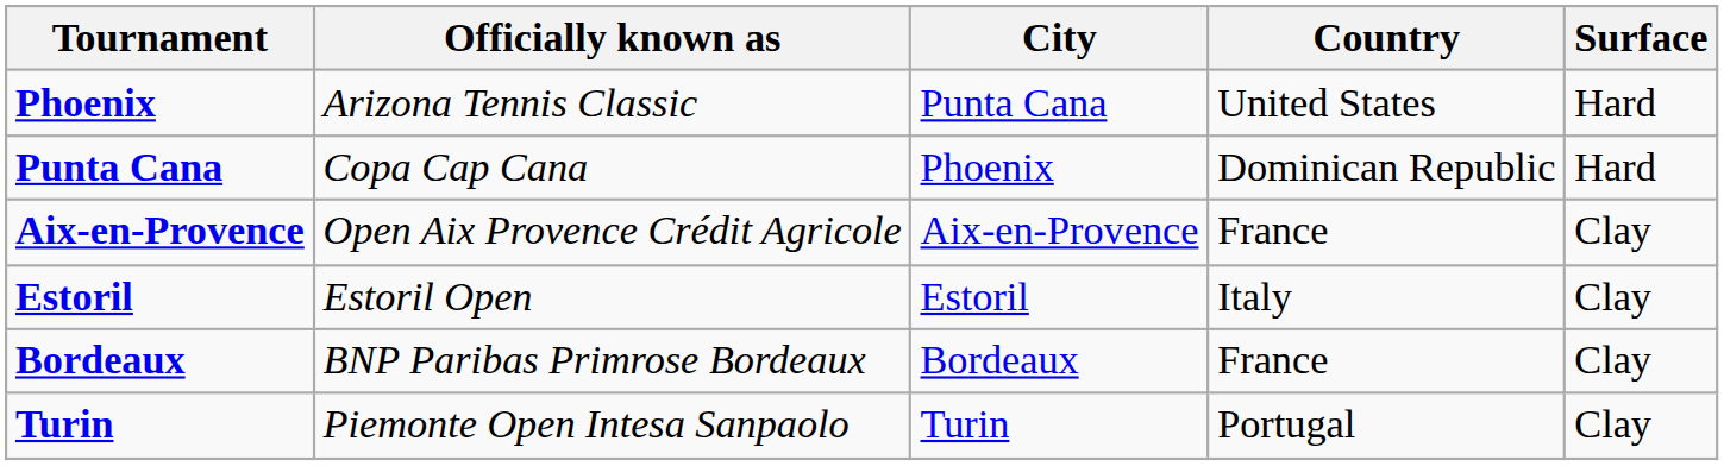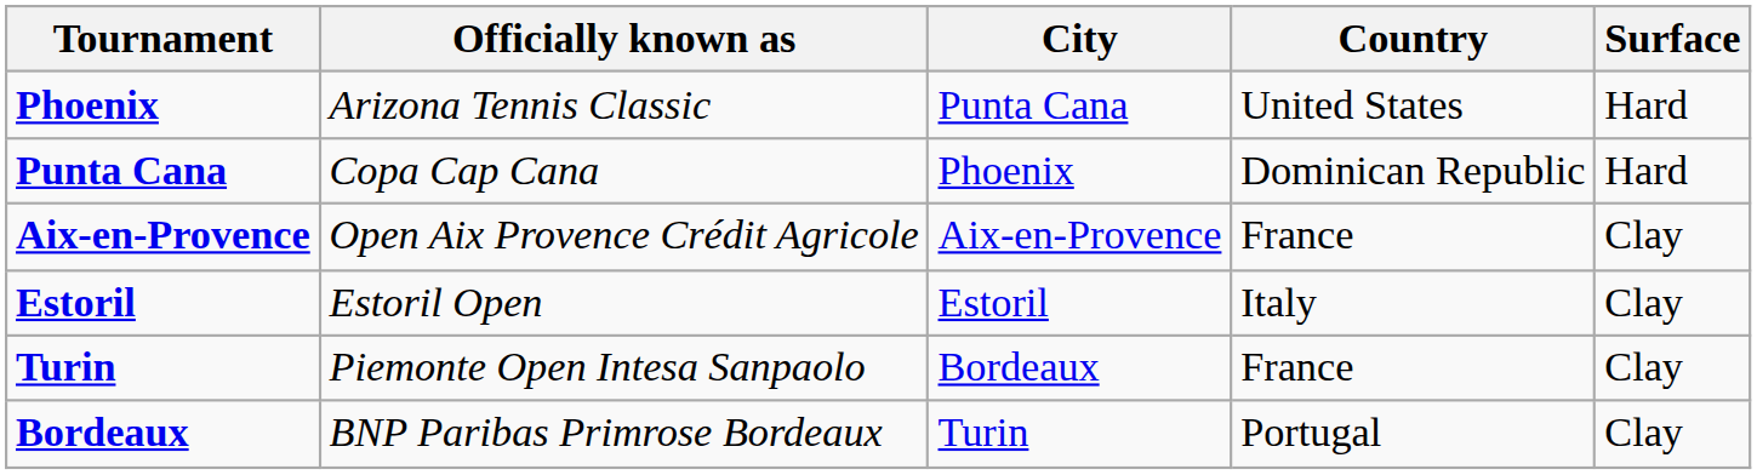 <table class="wikitable sortable">
 <tr>
 <th>Tournament</th>
 <th>Officially known as</th>
 <th>City</th>
 <th>Country</th>
 <th>Surface</th>
 </tr>
 <tr>
 <td><strong><a href='#'>Phoenix</a></strong></td>
 <td><em>Arizona Tennis Classic</em></td>
 <td><a href='#'>Punta Cana</a></td>
 <td> United States</td>
 <td>Hard</td>
 </tr>
 <tr>
 <td><strong><a href='#'>Punta Cana</a></strong></td>
 <td><em>Copa Cap Cana</em></td>
 <td><a href='#'>Phoenix</a></td>
 <td> Dominican Republic</td>
 <td>Hard</td>
 </tr>
 <tr>
 <td><strong><a href='#'>Aix-en-Provence</a></strong></td>
 <td><em>Open Aix Provence Crédit Agricole</em></td>
 <td><a href='#'>Aix-en-Provence</a></td>
 <td> France</td>
 <td>Clay</td>
 </tr>
 <tr>
 <td><strong><a href='#'>Estoril</a></strong></td>
 <td><em>Estoril Open</em></td>
 <td><a href='#'>Estoril</a></td>
 <td> Italy</td>
 <td>Clay</td>
 </tr>
 <tr>
-<td><strong><a href='#'>Bordeaux</a></strong></td>
-<td><em>BNP Paribas Primrose Bordeaux</em></td>
+<td><strong><a href='#'>Turin</a></strong></td>
+<td><em>Piemonte Open Intesa Sanpaolo</em></td>
 <td><a href='#'>Bordeaux</a></td>
 <td> France</td>
 <td>Clay</td>
 </tr>
 <tr>
-<td><strong><a href='#'>Turin</a></strong></td>
-<td><em>Piemonte Open Intesa Sanpaolo</em></td>
+<td><strong><a href='#'>Bordeaux</a></strong></td>
+<td><em>BNP Paribas Primrose Bordeaux</em></td>
 <td><a href='#'>Turin</a></td>
 <td> Portugal</td>
 <td>Clay</td>
 </tr>
 </table>
